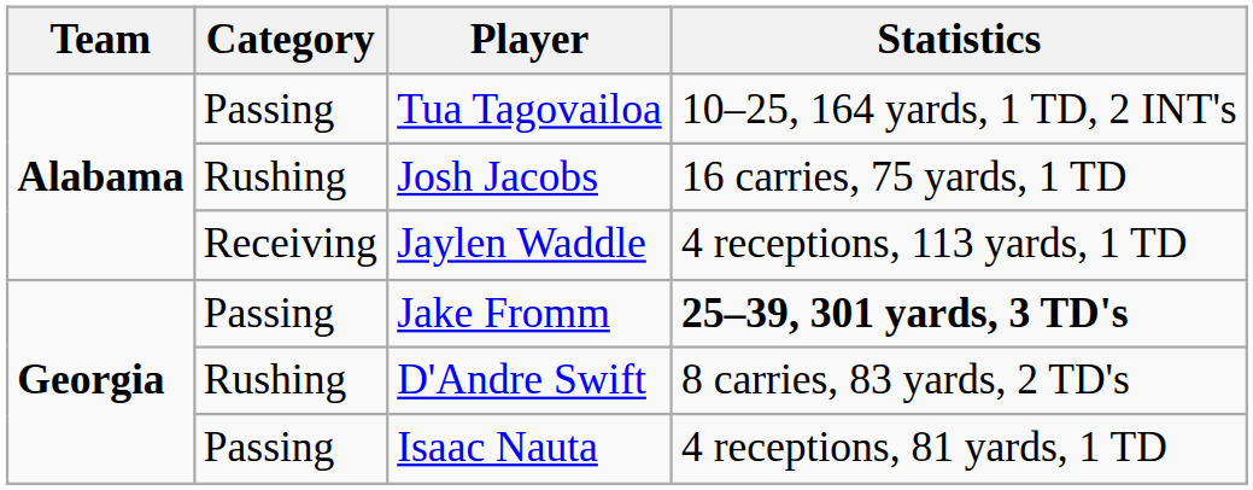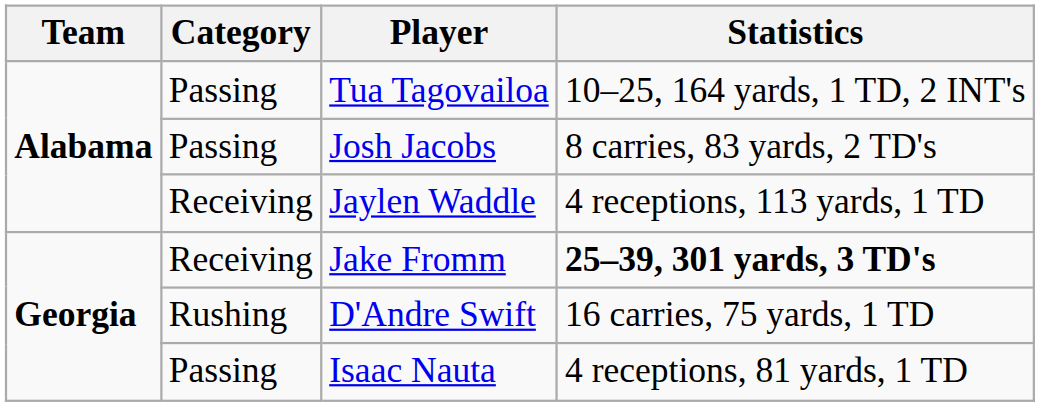 <table class="wikitable" style="float: right;">
 <tr>
 <th>Team</th>
 <th>Category</th>
 <th>Player</th>
 <th>Statistics</th>
 </tr>
 <tr>
 <td rowspan=3><strong>Alabama</strong></td>
 <td>Passing</td>
 <td><a href='#'>Tua Tagovailoa</a></td>
 <td>10–25, 164 yards, 1 TD, 2 INT's</td>
 </tr>
 <tr>
-<td>Rushing</td>
+<td>Passing</td>
 <td><a href='#'>Josh Jacobs</a></td>
-<td>16 carries, 75 yards, 1 TD</td>
+<td>8 carries, 83 yards, 2 TD's</td>
 </tr>
 <tr>
 <td>Receiving</td>
 <td><a href='#'>Jaylen Waddle</a></td>
 <td>4 receptions, 113 yards, 1 TD</td>
 </tr>
 <tr>
 <td rowspan=3><strong>Georgia</strong></td>
-<td>Passing</td>
+<td>Receiving</td>
 <td><a href='#'>Jake Fromm</a></td>
 <td><strong>25–39, 301 yards, 3 TD's</strong></td>
 </tr>
 <tr>
 <td>Rushing</td>
 <td><a href='#'>D'Andre Swift</a></td>
-<td>8 carries, 83 yards, 2 TD's</td>
+<td>16 carries, 75 yards, 1 TD</td>
 </tr>
 <tr>
 <td>Passing</td>
 <td><a href='#'>Isaac Nauta</a></td>
 <td>4 receptions, 81 yards, 1 TD</td>
 </tr>
 </table>
